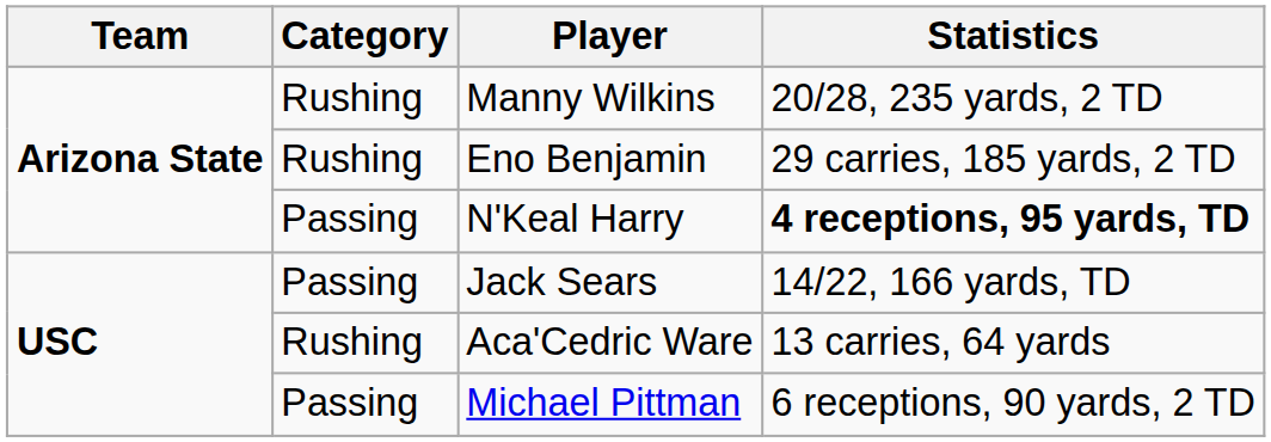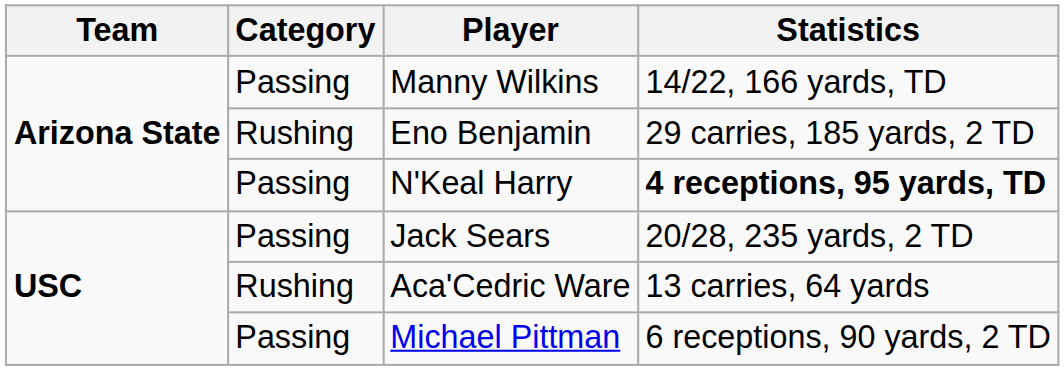 <table class="wikitable" style="float: right;">
 <tr>
 <th>Team</th>
 <th>Category</th>
 <th>Player</th>
 <th>Statistics</th>
 </tr>
 <tr>
 <td rowspan=3><strong>Arizona State</strong></td>
-<td>Rushing</td>
+<td>Passing</td>
 <td>Manny Wilkins</td>
-<td>20/28, 235 yards, 2 TD</td>
+<td>14/22, 166 yards, TD</td>
 </tr>
 <tr>
 <td>Rushing</td>
 <td>Eno Benjamin</td>
 <td>29 carries, 185 yards, 2 TD</td>
 </tr>
 <tr>
 <td>Passing</td>
 <td>N'Keal Harry</td>
 <td><strong>4 receptions, 95 yards, TD</strong></td>
 </tr>
 <tr>
 <td rowspan=3><strong>USC</strong></td>
 <td>Passing</td>
 <td>Jack Sears</td>
-<td>14/22, 166 yards, TD</td>
+<td>20/28, 235 yards, 2 TD</td>
 </tr>
 <tr>
 <td>Rushing</td>
 <td>Aca'Cedric Ware</td>
 <td>13 carries, 64 yards</td>
 </tr>
 <tr>
 <td>Passing</td>
 <td><a href='#'>Michael Pittman</a></td>
 <td>6 receptions, 90 yards, 2 TD</td>
 </tr>
 </table>
